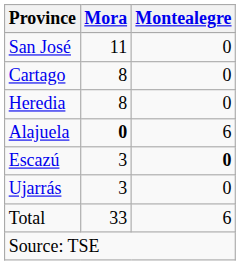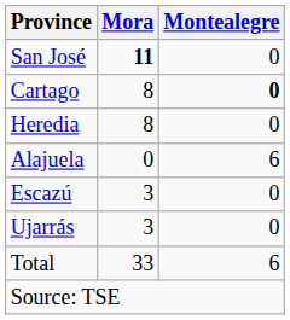 <table class=wikitable style=text-align:right>
 <tr>
 <th>Province</th>
 <th><a href='#'>Mora</a></th>
 <th><a href='#'>Montealegre</a></th>
 </tr>
 <tr>
 <td align=left><a href='#'>San José</a></td>
-<td>11</td>
+<td><strong>11</strong></td>
 <td>0</td>
 </tr>
 <tr>
 <td align=left><a href='#'>Cartago</a></td>
 <td>8</td>
-<td>0</td>
+<td><strong>0</strong></td>
 </tr>
 <tr>
 <td align=left><a href='#'>Heredia</a></td>
 <td>8</td>
 <td>0</td>
 </tr>
 <tr>
 <td align=left><a href='#'>Alajuela</a></td>
-<td><strong>0</strong></td>
+<td>0</td>
 <td>6</td>
 </tr>
 <tr>
 <td align=left><a href='#'>Escazú</a></td>
 <td>3</td>
-<td><strong>0</strong></td>
+<td>0</td>
 </tr>
 <tr>
 <td align=left><a href='#'>Ujarrás</a></td>
 <td>3</td>
 <td>0</td>
 </tr>
 <tr>
 <td align=left>Total</td>
 <td>33</td>
 <td>6</td>
 </tr>
 <tr>
 <td align=left colspan=3>Source: TSE</td>
 </tr>
 </table>
